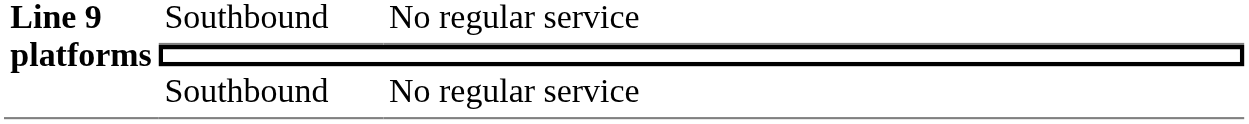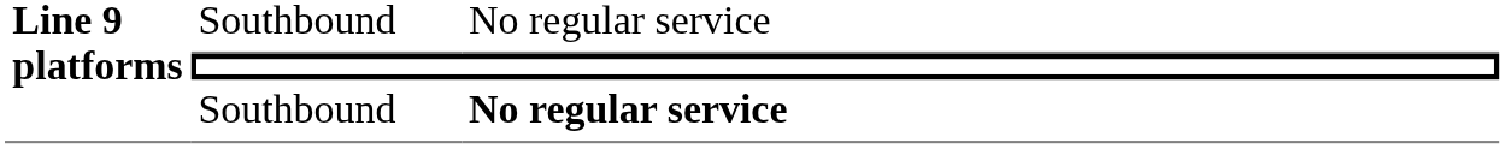 <table border=0 cellspacing=0 cellpadding=3>
 <tr>
 <td style="border-bottom:solid 1px gray;" width=50 rowspan=10 valign=top><strong>Line 9 platforms</strong></td>
 <td style="border-bottom:solid 1px gray;" width=100>Southbound</td>
 <td style="border-bottom:solid 1px gray;" width=400> No regular service <br></td>
 </tr>
 <tr>
 <td style="border-top:solid 2px black;border-right:solid 2px black;border-left:solid 2px black;border-bottom:solid 2px black;text-align:center;" colspan=2></td>
 </tr>
 <tr>
 <td style="border-bottom:solid 1px gray;" width=100>Southbound</td>
-<td style="border-bottom:solid 1px gray;" width=400> No regular service <br></td>
+<td style="border-bottom:solid 1px gray;" width=400><strong> No regular service <br></strong></td>
 </tr>
 </table>
